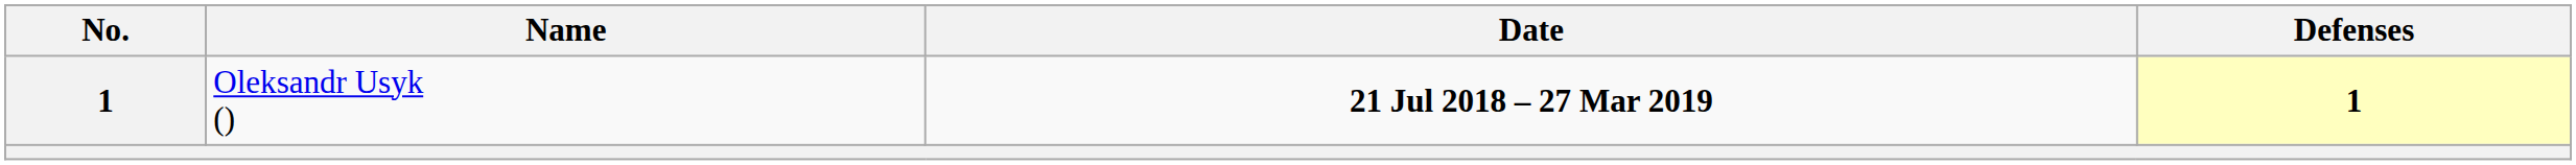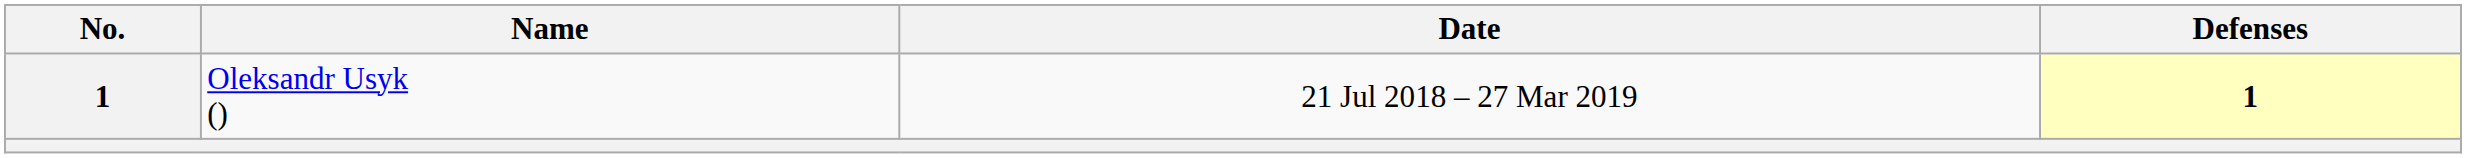 <table class="wikitable sortable" style="width:80%">
 <tr>
 <th>No.</th>
 <th>Name</th>
 <th>Date</th>
 <th>Defenses</th>
 </tr>
 <tr align=center>
 <th>1</th>
 <td align=left><a href='#'>Oleksandr Usyk</a><br>()</td>
-<td><strong>21 Jul 2018 – 27 Mar 2019</strong></td>
+<td>21 Jul 2018 – 27 Mar 2019</td>
 <td style="background:#ffffbf;"><strong>1</strong></td>
 </tr>
 <tr align=center>
 <th colspan=4></th>
 </tr>
 </table>
